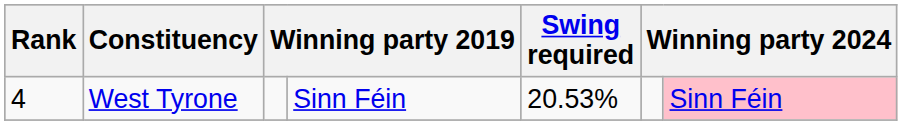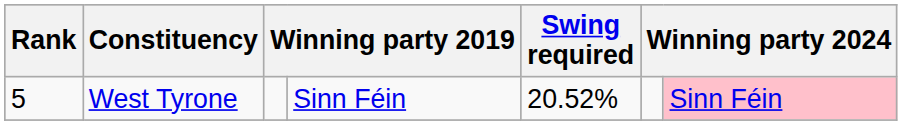 <table class="wikitable">
 <tr>
 <th>Rank</th>
 <th>Constituency</th>
 <th colspan="2">Winning party 2019</th>
 <th><a href='#'>Swing</a><br>required</th>
 <th colspan="2">Winning party 2024</th>
 </tr>
 <tr>
-<td>4</td>
+<td>5</td>
 <td><a href='#'>West Tyrone</a><br></td>
 <td class="unsortable" style="background-color: "></td>
 <td><a href='#'>Sinn Féin</a></td>
-<td>20.53%</td>
+<td>20.52%</td>
 <td class="unsortable" style="background-color: "></td>
 <td style="background: pink;"><a href='#'>Sinn Féin</a></td>
 </tr>
 </table>
